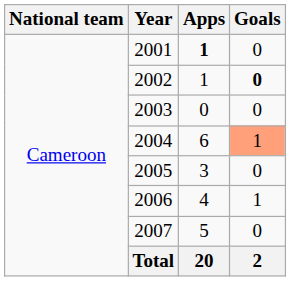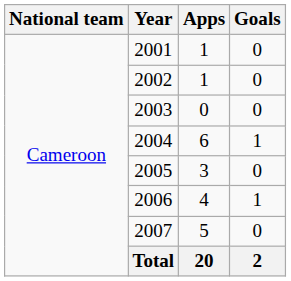 <table class="wikitable" style="text-align:center">
 <tr>
 <th>National team</th>
 <th>Year</th>
 <th>Apps</th>
 <th>Goals</th>
 </tr>
 <tr>
 <td rowspan="9"><a href='#'>Cameroon</a></td>
 <td>2001</td>
-<td><strong>1</strong></td>
+<td>1</td>
 <td>0</td>
 </tr>
 <tr>
 <td>2002</td>
 <td>1</td>
-<td><strong>0</strong></td>
+<td>0</td>
 </tr>
 <tr>
 <td>2003</td>
 <td>0</td>
 <td>0</td>
 </tr>
 <tr>
 <td>2004</td>
 <td>6</td>
-<td style="background: lightsalmon;">1</td>
+<td>1</td>
 </tr>
 <tr>
 <td>2005</td>
 <td>3</td>
 <td>0</td>
 </tr>
 <tr>
 <td>2006</td>
 <td>4</td>
 <td>1</td>
 </tr>
 <tr>
 <td>2007</td>
 <td>5</td>
 <td>0</td>
 </tr>
 <tr>
 <th>Total</th>
 <th>20</th>
 <th>2</th>
 </tr>
 </table>
